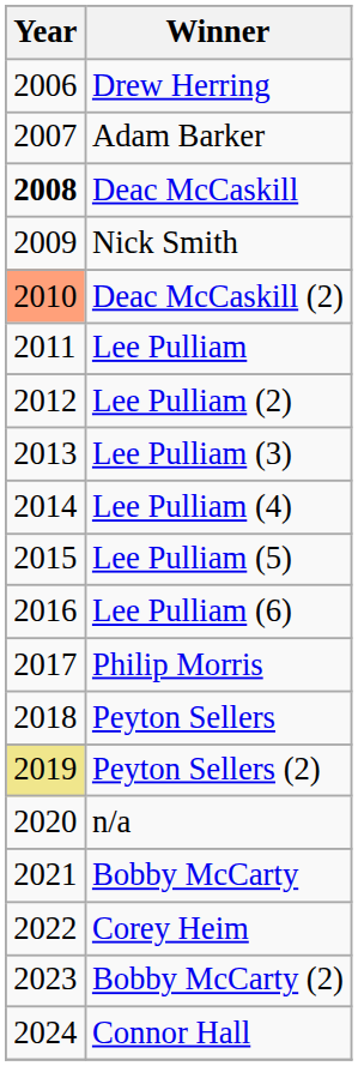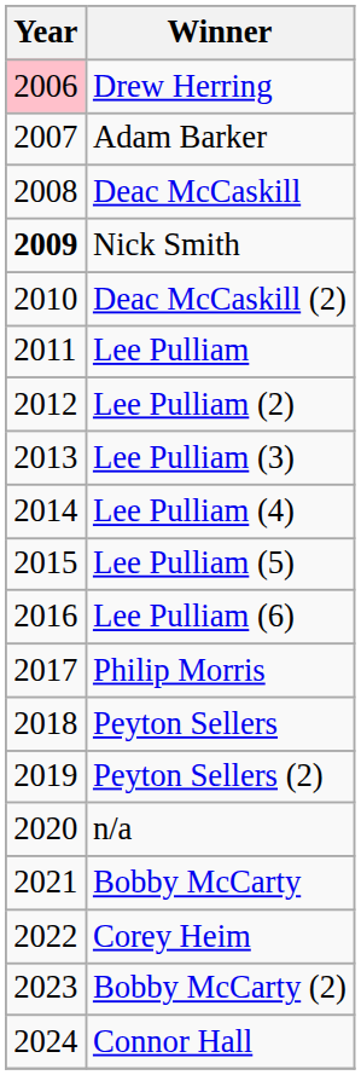 <table class="wikitable" style="font-size:90%;">
 <tr>
 <th>Year</th>
 <th>Winner</th>
 </tr>
 <tr>
-<td>2006</td>
+<td style="background: pink;">2006</td>
 <td><a href='#'>Drew Herring</a></td>
 </tr>
 <tr>
 <td>2007</td>
 <td>Adam Barker</td>
 </tr>
 <tr>
-<td><strong>2008</strong></td>
+<td>2008</td>
 <td><a href='#'>Deac McCaskill</a></td>
 </tr>
 <tr>
-<td>2009</td>
+<td><strong>2009</strong></td>
 <td>Nick Smith</td>
 </tr>
 <tr>
-<td style="background: lightsalmon;">2010</td>
+<td>2010</td>
 <td><a href='#'>Deac McCaskill</a> (2)</td>
 </tr>
 <tr>
 <td>2011</td>
 <td><a href='#'>Lee Pulliam</a></td>
 </tr>
 <tr>
 <td>2012</td>
 <td><a href='#'>Lee Pulliam</a> (2)</td>
 </tr>
 <tr>
 <td>2013</td>
 <td><a href='#'>Lee Pulliam</a> (3)</td>
 </tr>
 <tr>
 <td>2014</td>
 <td><a href='#'>Lee Pulliam</a> (4)</td>
 </tr>
 <tr>
 <td>2015</td>
 <td><a href='#'>Lee Pulliam</a> (5)</td>
 </tr>
 <tr>
 <td>2016</td>
 <td><a href='#'>Lee Pulliam</a> (6)</td>
 </tr>
 <tr>
 <td>2017</td>
 <td><a href='#'>Philip Morris</a></td>
 </tr>
 <tr>
 <td>2018</td>
 <td><a href='#'>Peyton Sellers</a></td>
 </tr>
 <tr>
-<td style="background: khaki;">2019</td>
+<td>2019</td>
 <td><a href='#'>Peyton Sellers</a> (2)</td>
 </tr>
 <tr>
 <td>2020</td>
 <td>n/a</td>
 </tr>
 <tr>
 <td>2021</td>
 <td><a href='#'>Bobby McCarty</a></td>
 </tr>
 <tr>
 <td>2022</td>
 <td><a href='#'>Corey Heim</a></td>
 </tr>
 <tr>
 <td>2023</td>
 <td><a href='#'>Bobby McCarty</a> (2)</td>
 </tr>
 <tr>
 <td>2024</td>
 <td><a href='#'>Connor Hall</a></td>
 </tr>
 <tr>
 </tr>
 </table>
